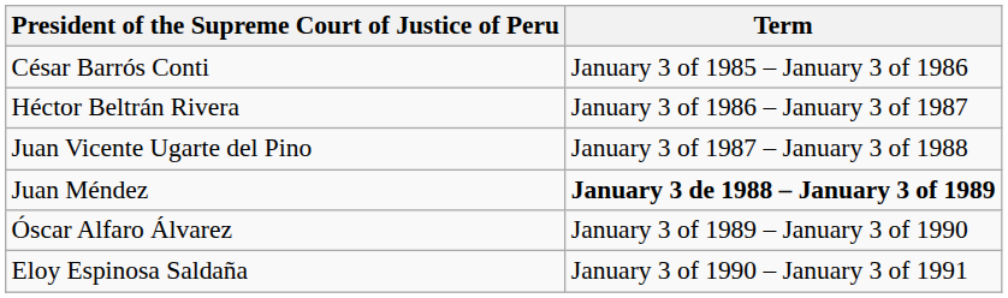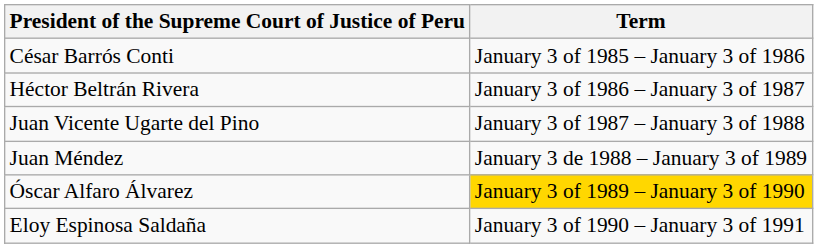 <table class="wikitable">
 <tr>
 <th>President of the Supreme Court of Justice of Peru</th>
 <th>Term</th>
 </tr>
 <tr>
 <td>César Barrós Conti</td>
 <td>January 3 of 1985 – January 3 of 1986</td>
 </tr>
 <tr>
 <td>Héctor Beltrán Rivera</td>
 <td>January 3 of 1986 – January 3 of 1987</td>
 </tr>
 <tr>
 <td>Juan Vicente Ugarte del Pino</td>
 <td>January 3 of 1987 – January 3 of 1988</td>
 </tr>
 <tr>
 <td>Juan Méndez</td>
-<td><strong>January 3 de 1988 – January 3 of 1989</strong></td>
+<td>January 3 de 1988 – January 3 of 1989</td>
 </tr>
 <tr>
 <td>Óscar Alfaro Álvarez</td>
-<td>January 3 of 1989 – January 3 of 1990</td>
+<td style="background: gold;">January 3 of 1989 – January 3 of 1990</td>
 </tr>
 <tr>
 <td>Eloy Espinosa Saldaña</td>
 <td>January 3 of 1990 – January 3 of 1991</td>
 </tr>
 </table>
